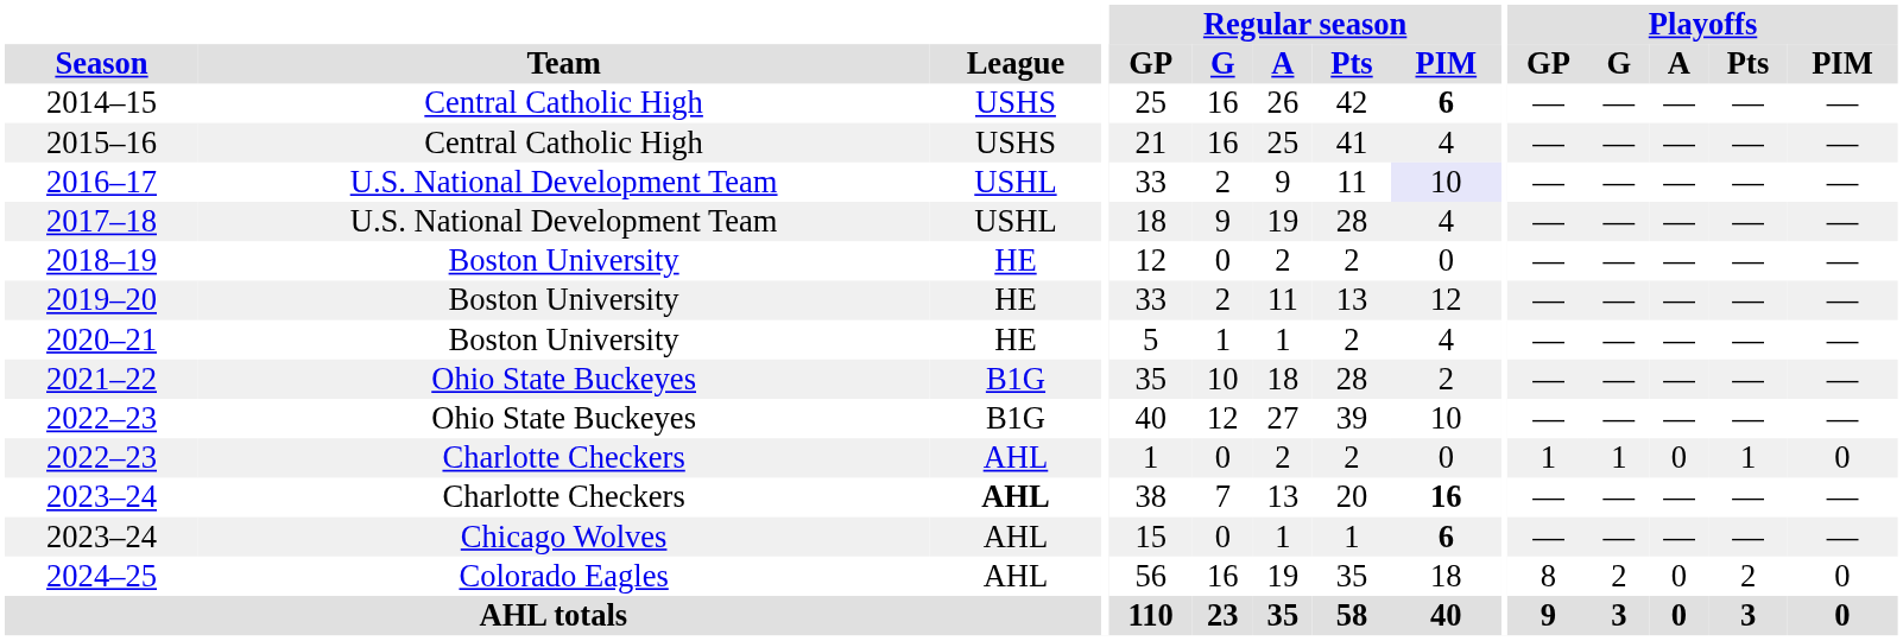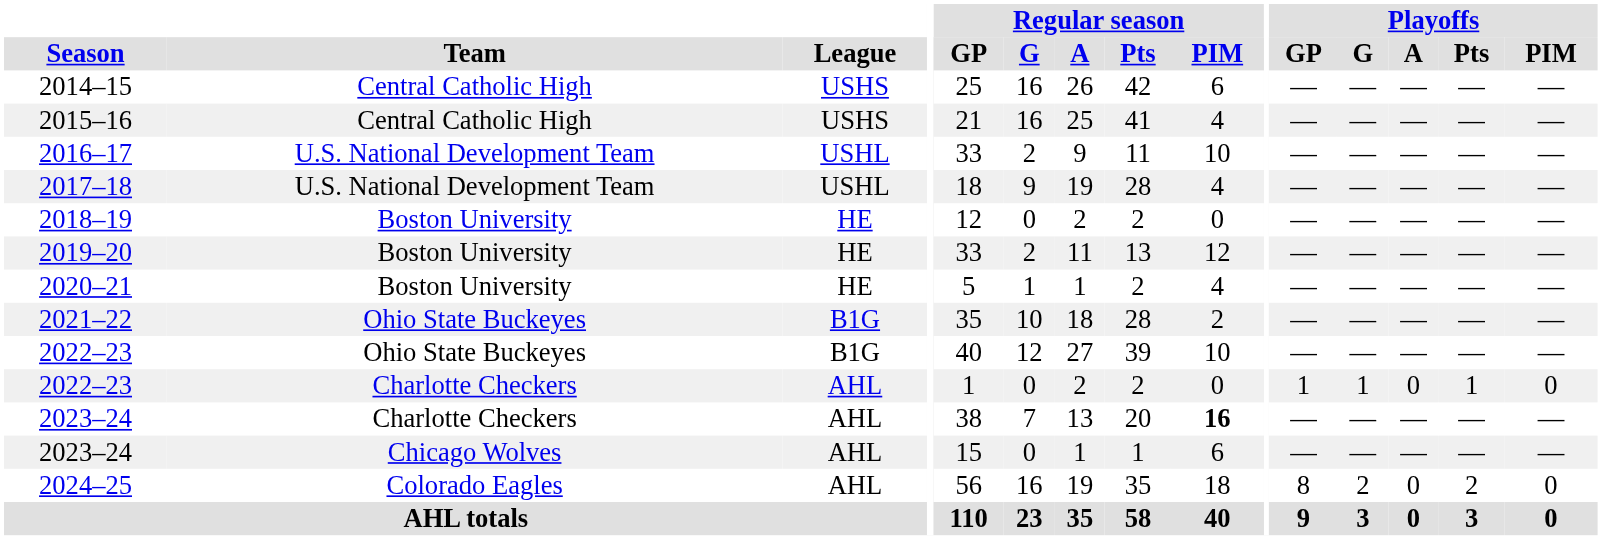 <table border="0" cellpadding="1" cellspacing="0" style="text-align:center; width:60em;">
 <tr bgcolor="#e0e0e0">
 <th colspan="3" bgcolor="#ffffff"></th>
 <th rowspan="101" bgcolor="#ffffff"></th>
 <th colspan="5"><a href='#'>Regular season</a></th>
 <th rowspan="101" bgcolor="#ffffff"></th>
 <th colspan="5"><a href='#'>Playoffs</a></th>
 </tr>
 <tr bgcolor="#e0e0e0">
 <th><a href='#'>Season</a></th>
 <th>Team</th>
 <th>League</th>
 <th>GP</th>
 <th><a href='#'>G</a></th>
 <th><a href='#'>A</a></th>
 <th><a href='#'>Pts</a></th>
 <th><a href='#'>PIM</a></th>
 <th>GP</th>
 <th>G</th>
 <th>A</th>
 <th>Pts</th>
 <th>PIM</th>
 </tr>
 <tr>
 <td>2014–15</td>
 <td><a href='#'>Central Catholic High</a></td>
 <td><a href='#'>USHS</a></td>
 <td>25</td>
 <td>16</td>
 <td>26</td>
 <td>42</td>
-<td><strong>6</strong></td>
+<td>6</td>
 <td>—</td>
 <td>—</td>
 <td>—</td>
 <td>—</td>
 <td>—</td>
 </tr>
 <tr bgcolor="#f0f0f0">
 <td>2015–16</td>
 <td>Central Catholic High</td>
 <td>USHS</td>
 <td>21</td>
 <td>16</td>
 <td>25</td>
 <td>41</td>
 <td>4</td>
 <td>—</td>
 <td>—</td>
 <td>—</td>
 <td>—</td>
 <td>—</td>
 </tr>
 <tr>
 <td><a href='#'>2016–17</a></td>
 <td><a href='#'>U.S. National Development Team</a></td>
 <td><a href='#'>USHL</a></td>
 <td>33</td>
 <td>2</td>
 <td>9</td>
 <td>11</td>
-<td style="background: lavender;">10</td>
+<td>10</td>
 <td>—</td>
 <td>—</td>
 <td>—</td>
 <td>—</td>
 <td>—</td>
 </tr>
 <tr bgcolor="#f0f0f0">
 <td><a href='#'>2017–18</a></td>
 <td>U.S. National Development Team</td>
 <td>USHL</td>
 <td>18</td>
 <td>9</td>
 <td>19</td>
 <td>28</td>
 <td>4</td>
 <td>—</td>
 <td>—</td>
 <td>—</td>
 <td>—</td>
 <td>—</td>
 </tr>
 <tr>
 <td><a href='#'>2018–19</a></td>
 <td><a href='#'>Boston University</a></td>
 <td><a href='#'>HE</a></td>
 <td>12</td>
 <td>0</td>
 <td>2</td>
 <td>2</td>
 <td>0</td>
 <td>—</td>
 <td>—</td>
 <td>—</td>
 <td>—</td>
 <td>—</td>
 </tr>
 <tr bgcolor="#f0f0f0">
 <td><a href='#'>2019–20</a></td>
 <td>Boston University</td>
 <td>HE</td>
 <td>33</td>
 <td>2</td>
 <td>11</td>
 <td>13</td>
 <td>12</td>
 <td>—</td>
 <td>—</td>
 <td>—</td>
 <td>—</td>
 <td>—</td>
 </tr>
 <tr>
 <td><a href='#'>2020–21</a></td>
 <td>Boston University</td>
 <td>HE</td>
 <td>5</td>
 <td>1</td>
 <td>1</td>
 <td>2</td>
 <td>4</td>
 <td>—</td>
 <td>—</td>
 <td>—</td>
 <td>—</td>
 <td>—</td>
 </tr>
 <tr bgcolor="#f0f0f0">
 <td><a href='#'>2021–22</a></td>
 <td><a href='#'>Ohio State Buckeyes</a></td>
 <td><a href='#'>B1G</a></td>
 <td>35</td>
 <td>10</td>
 <td>18</td>
 <td>28</td>
 <td>2</td>
 <td>—</td>
 <td>—</td>
 <td>—</td>
 <td>—</td>
 <td>—</td>
 </tr>
 <tr>
 <td><a href='#'>2022–23</a></td>
 <td>Ohio State Buckeyes</td>
 <td>B1G</td>
 <td>40</td>
 <td>12</td>
 <td>27</td>
 <td>39</td>
 <td>10</td>
 <td>—</td>
 <td>—</td>
 <td>—</td>
 <td>—</td>
 <td>—</td>
 </tr>
 <tr bgcolor="#f0f0f0">
 <td><a href='#'>2022–23</a></td>
 <td><a href='#'>Charlotte Checkers</a></td>
 <td><a href='#'>AHL</a></td>
 <td>1</td>
 <td>0</td>
 <td>2</td>
 <td>2</td>
 <td>0</td>
 <td>1</td>
 <td>1</td>
 <td>0</td>
 <td>1</td>
 <td>0</td>
 </tr>
 <tr>
 <td><a href='#'>2023–24</a></td>
 <td>Charlotte Checkers</td>
-<td><strong>AHL</strong></td>
+<td>AHL</td>
 <td>38</td>
 <td>7</td>
 <td>13</td>
 <td>20</td>
 <td><strong>16</strong></td>
 <td>—</td>
 <td>—</td>
 <td>—</td>
 <td>—</td>
 <td>—</td>
 </tr>
 <tr bgcolor="#f0f0f0">
 <td>2023–24</td>
 <td><a href='#'>Chicago Wolves</a></td>
 <td>AHL</td>
 <td>15</td>
 <td>0</td>
 <td>1</td>
 <td>1</td>
-<td><strong>6</strong></td>
+<td>6</td>
 <td>—</td>
 <td>—</td>
 <td>—</td>
 <td>—</td>
 <td>—</td>
 </tr>
 <tr>
 <td><a href='#'>2024–25</a></td>
 <td><a href='#'>Colorado Eagles</a></td>
 <td>AHL</td>
 <td>56</td>
 <td>16</td>
 <td>19</td>
 <td>35</td>
 <td>18</td>
 <td>8</td>
 <td>2</td>
 <td>0</td>
 <td>2</td>
 <td>0</td>
 </tr>
 <tr bgcolor="#e0e0e0">
 <th colspan="3">AHL totals</th>
 <th>110</th>
 <th>23</th>
 <th>35</th>
 <th>58</th>
 <th>40</th>
 <th>9</th>
 <th>3</th>
 <th>0</th>
 <th>3</th>
 <th>0</th>
 </tr>
 </table>
